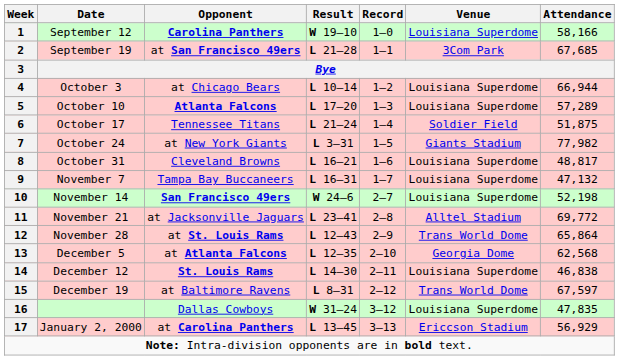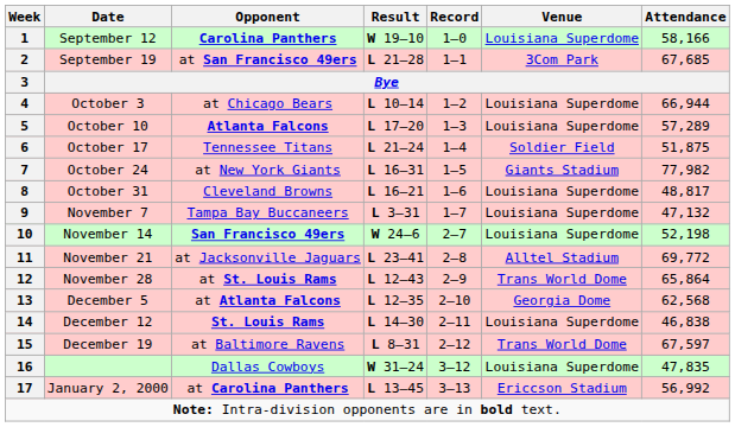 <table class="wikitable" style="text-align:center">
 <tr>
 <th>Week</th>
 <th>Date</th>
 <th>Opponent</th>
 <th>Result</th>
 <th>Record</th>
 <th>Venue</th>
 <th>Attendance</th>
 </tr>
 <tr style="background:#cfc">
 <th>1</th>
 <td>September 12</td>
 <td><strong><a href='#'>Carolina Panthers</a></strong></td>
 <td><strong>W</strong> 19–10</td>
 <td>1–0</td>
 <td><a href='#'>Louisiana Superdome</a></td>
 <td>58,166</td>
 </tr>
 <tr style="background:#fcc">
 <th>2</th>
 <td>September 19</td>
 <td>at <strong><a href='#'>San Francisco 49ers</a></strong></td>
 <td><strong>L</strong> 21–28</td>
 <td>1–1</td>
 <td><a href='#'>3Com Park</a></td>
 <td>67,685</td>
 </tr>
 <tr>
 <th>3</th>
 <th colspan=6><em><a href='#'>Bye</a></em></th>
 </tr>
 <tr style="background:#fcc">
 <th>4</th>
 <td>October 3</td>
 <td>at <a href='#'>Chicago Bears</a></td>
 <td><strong>L</strong> 10–14</td>
 <td>1–2</td>
 <td>Louisiana Superdome</td>
 <td>66,944</td>
 </tr>
 <tr style="background:#fcc">
 <th>5</th>
 <td>October 10</td>
 <td><strong><a href='#'>Atlanta Falcons</a></strong></td>
 <td><strong>L</strong> 17–20</td>
 <td>1–3</td>
 <td>Louisiana Superdome</td>
 <td>57,289</td>
 </tr>
 <tr style="background:#fcc">
 <th>6</th>
 <td>October 17</td>
 <td><a href='#'>Tennessee Titans</a></td>
 <td><strong>L</strong> 21–24</td>
 <td>1–4</td>
 <td><a href='#'>Soldier Field</a></td>
 <td>51,875</td>
 </tr>
 <tr style="background:#fcc">
 <th>7</th>
 <td>October 24</td>
 <td>at <a href='#'>New York Giants</a></td>
-<td><strong>L</strong> 3–31</td>
+<td><strong>L</strong> 16–31</td>
 <td>1–5</td>
 <td><a href='#'>Giants Stadium</a></td>
 <td>77,982</td>
 </tr>
 <tr style="background:#fcc">
 <th>8</th>
 <td>October 31</td>
 <td><a href='#'>Cleveland Browns</a></td>
 <td><strong>L</strong> 16–21</td>
 <td>1–6</td>
 <td>Louisiana Superdome</td>
 <td>48,817</td>
 </tr>
 <tr style="background:#fcc">
 <th>9</th>
 <td>November 7</td>
 <td><a href='#'>Tampa Bay Buccaneers</a></td>
-<td><strong>L</strong> 16–31</td>
+<td><strong>L</strong> 3–31</td>
 <td>1–7</td>
 <td>Louisiana Superdome</td>
 <td>47,132</td>
 </tr>
 <tr style="background:#cfc">
 <th>10</th>
 <td>November 14</td>
 <td><strong><a href='#'>San Francisco 49ers</a></strong></td>
 <td><strong>W</strong> 24–6</td>
 <td>2–7</td>
 <td>Louisiana Superdome</td>
 <td>52,198</td>
 </tr>
 <tr style="background:#fcc">
 <th>11</th>
 <td>November 21</td>
 <td>at <a href='#'>Jacksonville Jaguars</a></td>
 <td><strong>L</strong> 23–41</td>
 <td>2–8</td>
 <td><a href='#'>Alltel Stadium</a></td>
 <td>69,772</td>
 </tr>
 <tr style="background:#fcc">
 <th>12</th>
 <td>November 28</td>
 <td>at <strong><a href='#'>St. Louis Rams</a></strong></td>
 <td><strong>L</strong> 12–43</td>
 <td>2–9</td>
 <td><a href='#'>Trans World Dome</a></td>
 <td>65,864</td>
 </tr>
 <tr style="background:#fcc">
 <th>13</th>
 <td>December 5</td>
 <td>at <strong><a href='#'>Atlanta Falcons</a></strong></td>
 <td><strong>L</strong> 12–35</td>
 <td>2–10</td>
 <td><a href='#'>Georgia Dome</a></td>
 <td>62,568</td>
 </tr>
 <tr style="background:#fcc">
 <th>14</th>
 <td>December 12</td>
 <td><strong><a href='#'>St. Louis Rams</a></strong></td>
 <td><strong>L</strong> 14–30</td>
 <td>2–11</td>
 <td>Louisiana Superdome</td>
 <td>46,838</td>
 </tr>
 <tr style="background:#fcc">
 <th>15</th>
 <td>December 19</td>
 <td>at <a href='#'>Baltimore Ravens</a></td>
 <td><strong>L</strong> 8–31</td>
 <td>2–12</td>
 <td><a href='#'>Trans World Dome</a></td>
 <td>67,597</td>
 </tr>
 <tr style="background:#cfc">
 <th>16</th>
 <td></td>
 <td><a href='#'>Dallas Cowboys</a></td>
 <td><strong>W</strong> 31–24</td>
 <td>3–12</td>
 <td>Louisiana Superdome</td>
 <td>47,835</td>
 </tr>
 <tr style="background:#fcc">
 <th>17</th>
 <td>January 2, 2000</td>
 <td>at <strong><a href='#'>Carolina Panthers</a></strong></td>
 <td><strong>L</strong> 13–45</td>
 <td>3–13</td>
 <td><a href='#'>Ericcson Stadium</a></td>
-<td>56,929</td>
+<td>56,992</td>
 </tr>
 <tr>
 <td colspan="7"><strong>Note:</strong> Intra-division opponents are in <strong>bold</strong> text.</td>
 </tr>
 </table>
